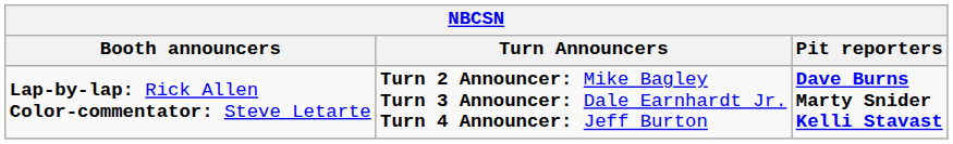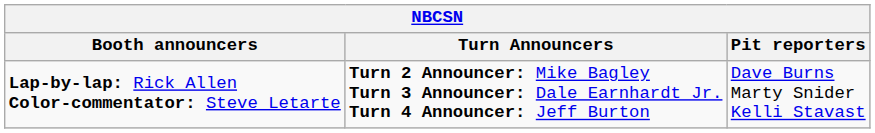 <table class="wikitable" style="font-size: 95%">
 <tr>
 <th colspan="3"><a href='#'>NBCSN</a></th>
 </tr>
 <tr>
 <th>Booth announcers</th>
 <th>Turn Announcers</th>
 <th>Pit reporters</th>
 </tr>
 <tr>
 <td><strong>Lap-by-lap:</strong> <a href='#'>Rick Allen</a><br><strong>Color-commentator:</strong> <a href='#'>Steve Letarte</a><br></td>
 <td><strong>Turn 2 Announcer:</strong> <a href='#'>Mike Bagley</a><br> <strong>Turn 3 Announcer:</strong> <a href='#'>Dale Earnhardt Jr.</a><br><strong>Turn 4 Announcer:</strong> <a href='#'>Jeff Burton</a></td>
-<td><strong><a href='#'>Dave Burns</a><br>Marty Snider<br><a href='#'>Kelli Stavast</a></strong></td>
+<td><a href='#'>Dave Burns</a><br>Marty Snider<br><a href='#'>Kelli Stavast</a></td>
 </tr>
 </table>
